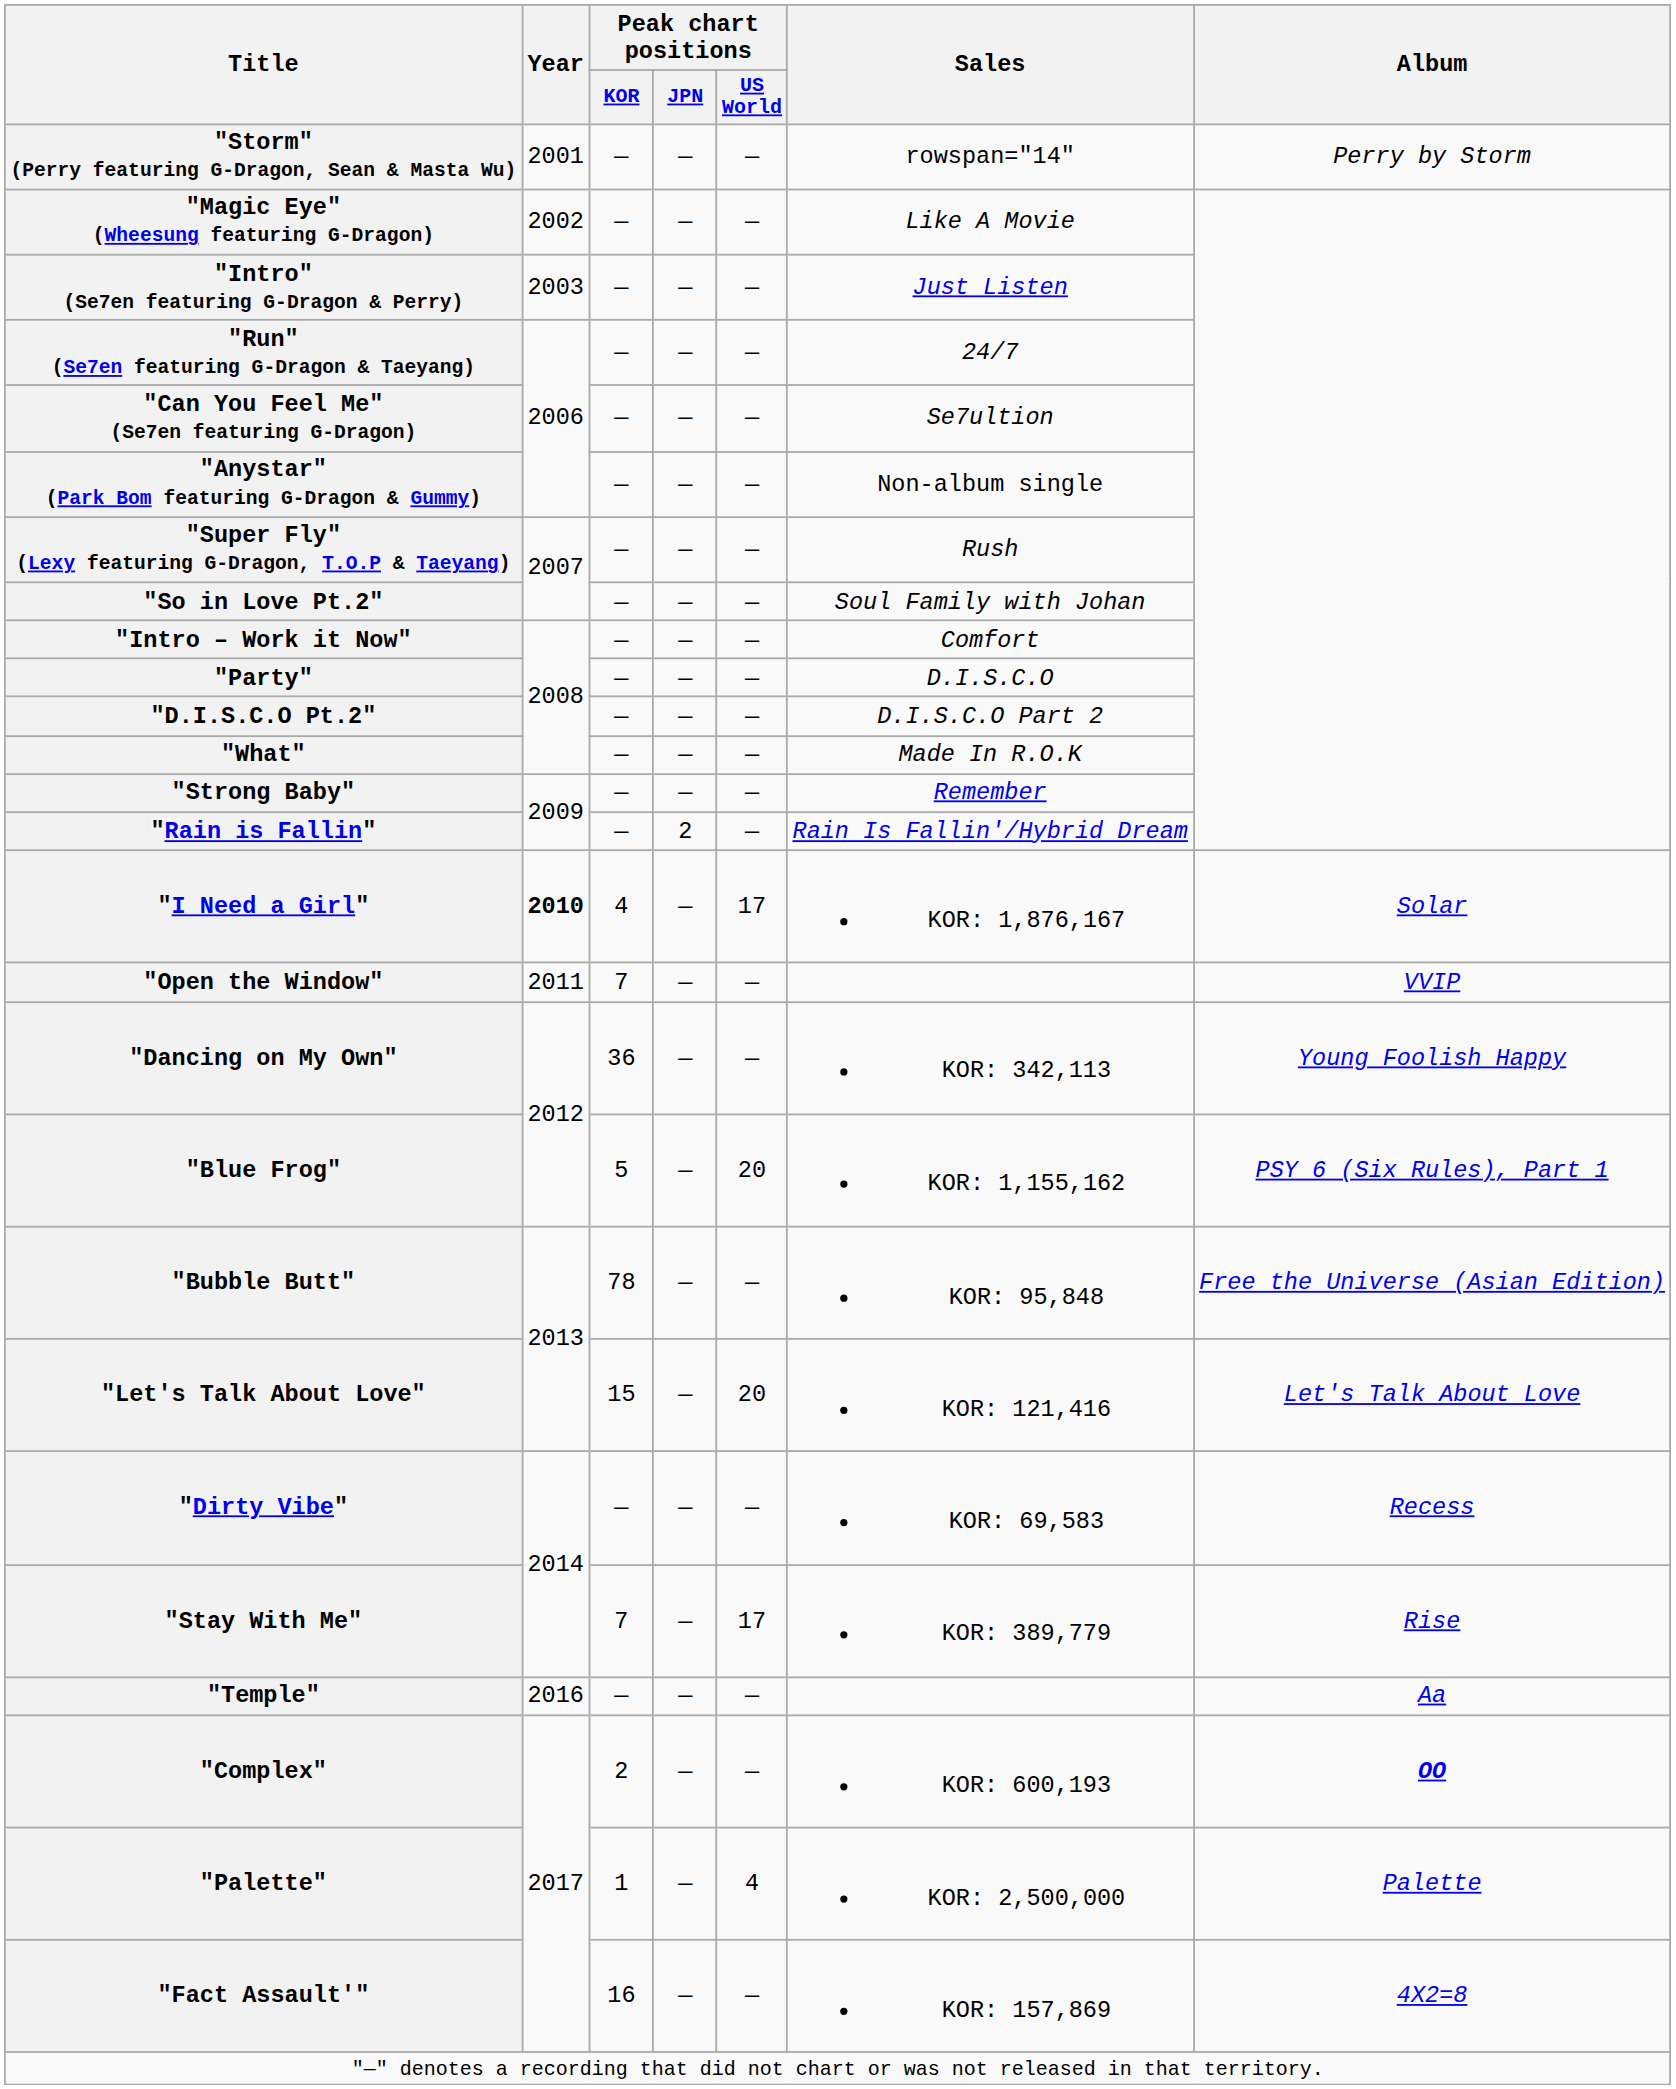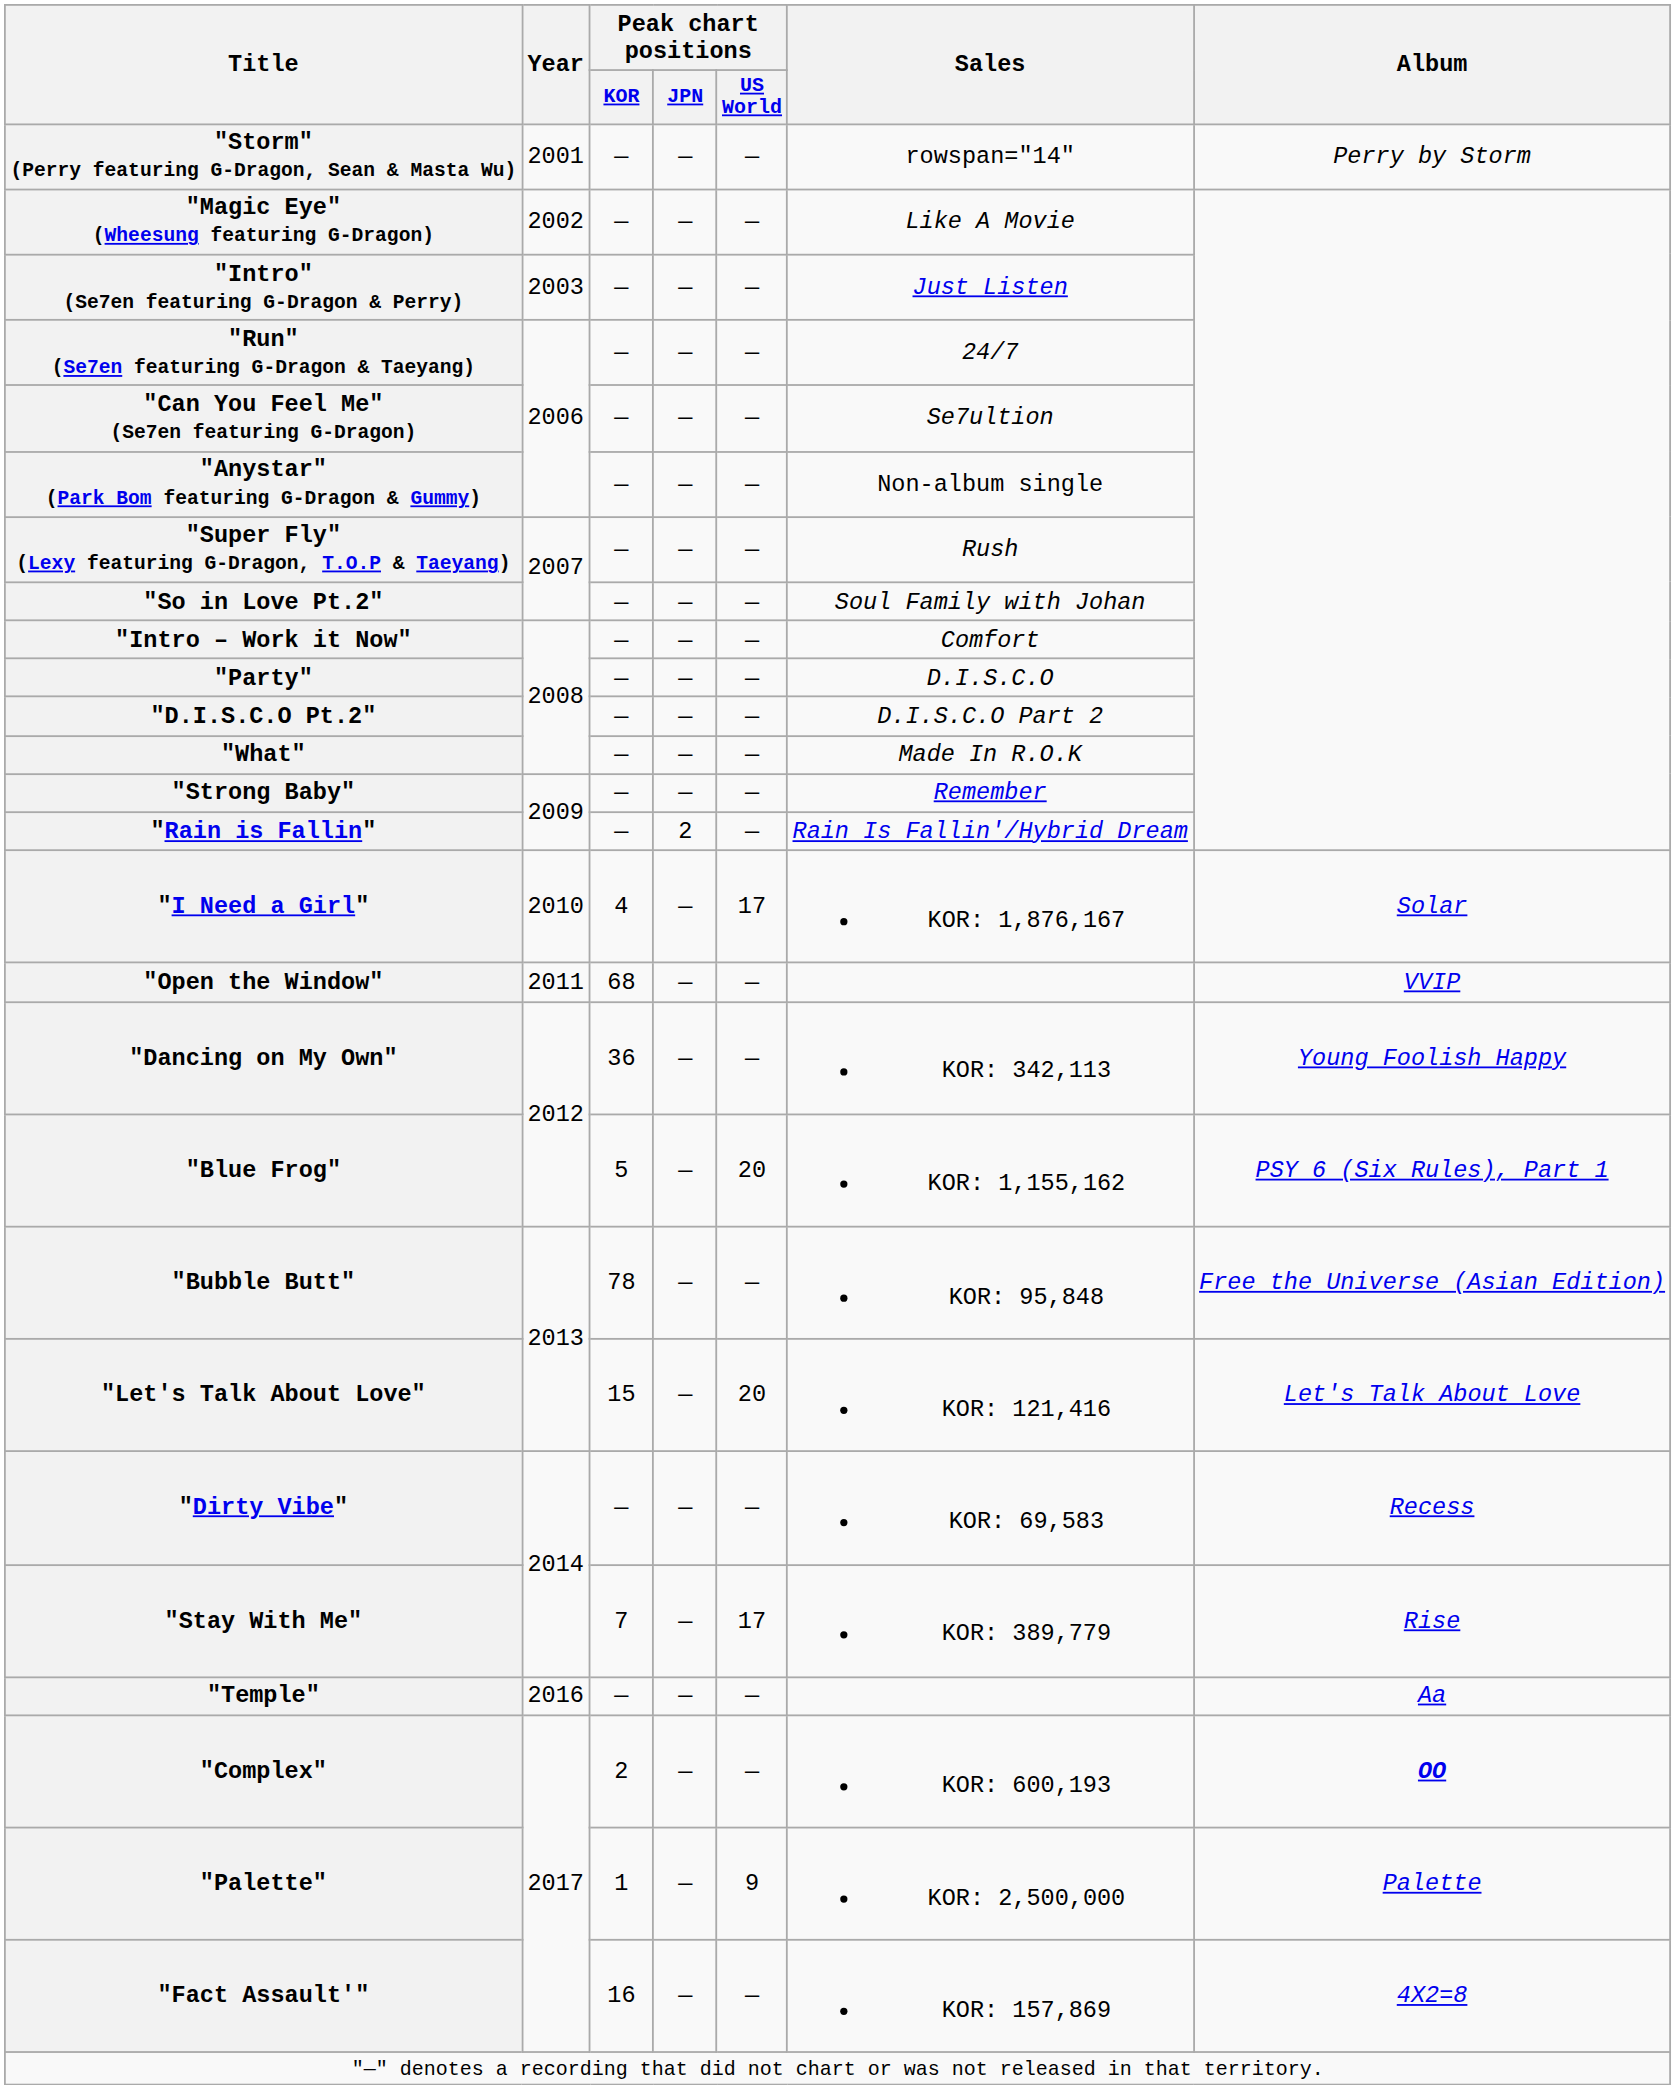 <table class="wikitable plainrowheaders" style="text-align:center;">
 <tr>
 <th scope="col" rowspan="2">Title</th>
 <th scope="col" rowspan="2">Year</th>
 <th scope="col" colspan="3">Peak chart positions</th>
 <th scope="col" rowspan="2">Sales</th>
 <th scope="col" rowspan="2">Album</th>
 </tr>
 <tr>
 <th scope="col" style="width:2.7em;font-size:85%;"><a href='#'>KOR</a><br></th>
 <th scope="col" style="width:2.7em;font-size:85%;"><a href='#'>JPN</a><br></th>
 <th scope="col" style="width:2.7em;font-size:85%;"><a href='#'>US <br>World</a><br></th>
 </tr>
 <tr>
 <th scope="row">"Storm"<br><small>(Perry featuring G-Dragon, Sean & Masta Wu)</small></th>
 <td>2001</td>
 <td>—</td>
 <td>—</td>
 <td>—</td>
 <td>rowspan="14" </td>
 <td><em>Perry by Storm</em></td>
 </tr>
 <tr>
 <th scope="row">"Magic Eye"<br><small>(<a href='#'>Wheesung</a> featuring G-Dragon)</small></th>
 <td>2002</td>
 <td>—</td>
 <td>—</td>
 <td>—</td>
 <td><em>Like A Movie</em></td>
 </tr>
 <tr>
 <th scope="row">"Intro"<br><small>(Se7en featuring G-Dragon & Perry)</small></th>
 <td>2003</td>
 <td>—</td>
 <td>—</td>
 <td>—</td>
 <td><em><a href='#'>Just Listen</a></em></td>
 </tr>
 <tr>
 <th scope="row">"Run"<br><small>(<a href='#'>Se7en</a> featuring G-Dragon & Taeyang)</small></th>
 <td rowspan="3">2006</td>
 <td>—</td>
 <td>—</td>
 <td>—</td>
 <td><em>24/7</em></td>
 </tr>
 <tr>
 <th scope="row">"Can You Feel Me"<br><small>(Se7en featuring G-Dragon)</small></th>
 <td>—</td>
 <td>—</td>
 <td>—</td>
 <td><em>Se7ultion</em></td>
 </tr>
 <tr>
 <th scope="row">"Anystar"<br><small>(<a href='#'>Park Bom</a> featuring G-Dragon & <a href='#'>Gummy</a>)</small></th>
 <td>—</td>
 <td>—</td>
 <td>—</td>
 <td>Non-album single</td>
 </tr>
 <tr>
 <th scope="row">"Super Fly"<br><small>(<a href='#'>Lexy</a> featuring G-Dragon, <a href='#'>T.O.P</a> & <a href='#'>Taeyang</a>)</small></th>
 <td rowspan="2">2007</td>
 <td>—</td>
 <td>—</td>
 <td>—</td>
 <td><em>Rush</em></td>
 </tr>
 <tr>
 <th scope="row">"So in Love Pt.2"<br></th>
 <td>—</td>
 <td>—</td>
 <td>—</td>
 <td><em>Soul Family with Johan</em></td>
 </tr>
 <tr>
 <th scope="row">"Intro – Work it Now"<br></th>
 <td rowspan="4">2008</td>
 <td>—</td>
 <td>—</td>
 <td>—</td>
 <td><em>Comfort</em></td>
 </tr>
 <tr>
 <th scope="row">"Party"<br></th>
 <td>—</td>
 <td>—</td>
 <td>—</td>
 <td><em>D.I.S.C.O</em></td>
 </tr>
 <tr>
 <th scope="row">"D.I.S.C.O Pt.2"<br></th>
 <td>—</td>
 <td>—</td>
 <td>—</td>
 <td><em>D.I.S.C.O Part 2</em></td>
 </tr>
 <tr>
 <th scope="row">"What"<br></th>
 <td>—</td>
 <td>—</td>
 <td>—</td>
 <td><em>Made In R.O.K</em></td>
 </tr>
 <tr>
 <th scope="row">"Strong Baby"<br></th>
 <td rowspan="2">2009</td>
 <td>—</td>
 <td>—</td>
 <td>—</td>
 <td><em><a href='#'>Remember</a></em></td>
 </tr>
 <tr>
 <th scope="row">"<a href='#'>Rain is Fallin</a>"<br></th>
 <td>—</td>
 <td>2</td>
 <td>—</td>
 <td><em><a href='#'>Rain Is Fallin'/Hybrid Dream</a></em></td>
 </tr>
 <tr>
 <th scope="row">"<a href='#'>I Need a Girl</a>"<br></th>
-<td><strong>2010</strong></td>
+<td>2010</td>
 <td>4</td>
 <td>—</td>
 <td>17</td>
 <td><br><ul><li>KOR: 1,876,167</li></ul></td>
 <td><em><a href='#'>Solar</a></em></td>
 </tr>
 <tr>
 <th scope="row">"Open the Window"<br></th>
 <td>2011</td>
-<td>7</td>
+<td>68</td>
 <td>—</td>
 <td>—</td>
 <td></td>
 <td><em><a href='#'>VVIP</a></em></td>
 </tr>
 <tr>
 <th scope="row">"Dancing on My Own"<br></th>
 <td rowspan="2">2012</td>
 <td>36</td>
 <td>—</td>
 <td>—</td>
 <td><br><ul><li>KOR: 342,113</li></ul></td>
 <td><em><a href='#'>Young Foolish Happy</a></em></td>
 </tr>
 <tr>
 <th scope="row">"Blue Frog"<br></th>
 <td>5</td>
 <td>—</td>
 <td>20</td>
 <td><br><ul><li>KOR: 1,155,162</li></ul></td>
 <td><em><a href='#'>PSY 6 (Six Rules), Part 1</a></em></td>
 </tr>
 <tr>
 <th scope="row">"Bubble Butt"<br></th>
 <td rowspan="2">2013</td>
 <td>78</td>
 <td>—</td>
 <td>—</td>
 <td><br><ul><li>KOR: 95,848</li></ul></td>
 <td><em><a href='#'>Free the Universe (Asian Edition)</a></em></td>
 </tr>
 <tr>
 <th scope="row">"Let's Talk About Love"<br></th>
 <td>15</td>
 <td>—</td>
 <td>20</td>
 <td><br><ul><li>KOR: 121,416</li></ul></td>
 <td><em><a href='#'>Let's Talk About Love</a></em></td>
 </tr>
 <tr>
 <th scope="row">"<a href='#'>Dirty Vibe</a>"<br></th>
 <td rowspan="2">2014</td>
 <td>—</td>
 <td>—</td>
 <td>—</td>
 <td><br><ul><li>KOR: 69,583</li></ul></td>
 <td><em><a href='#'>Recess</a></em></td>
 </tr>
 <tr>
 <th scope="row">"Stay With Me"<br></th>
 <td>7</td>
 <td>—</td>
 <td>17</td>
 <td><br><ul><li>KOR: 389,779</li></ul></td>
 <td><em><a href='#'>Rise</a></em></td>
 </tr>
 <tr>
 <th scope="row">"Temple"<br></th>
 <td>2016</td>
 <td>—</td>
 <td>—</td>
 <td>—</td>
 <td></td>
 <td><em><a href='#'>Aa</a></em></td>
 </tr>
 <tr>
 <th scope="row">"Complex"<br></th>
 <td rowspan="3">2017</td>
 <td>2</td>
 <td>—</td>
 <td>—</td>
 <td><br><ul><li>KOR: 600,193</li></ul></td>
 <td><strong><em><a href='#'>OO</a></em></strong></td>
 </tr>
 <tr>
 <th scope="row">"Palette"<br></th>
 <td>1</td>
 <td>—</td>
-<td>4</td>
+<td>9</td>
 <td><br><ul><li>KOR: 2,500,000</li></ul></td>
 <td><em><a href='#'>Palette</a></em></td>
 </tr>
 <tr>
 <th scope="row">"Fact Assault'"<br></th>
 <td>16</td>
 <td>—</td>
 <td>—</td>
 <td><br><ul><li>KOR: 157,869</li></ul></td>
 <td><em><a href='#'>4X2=8</a></em></td>
 </tr>
 <tr>
 <td colspan="7" style="font-size:85%">"—" denotes a recording that did not chart or was not released in that territory.</td>
 </tr>
 </table>
